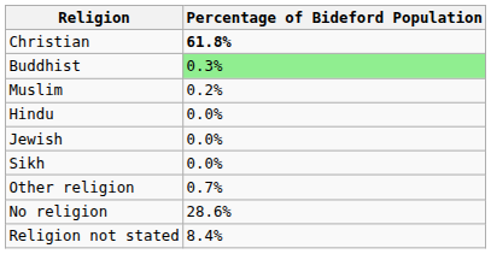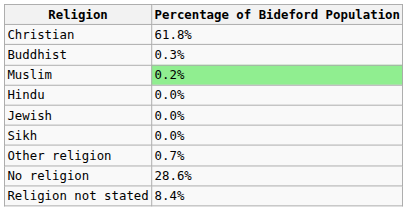 <table class="wikitable sortable collapsible">
 <tr>
 <th scope="col">Religion</th>
 <th scope="col">Percentage of Bideford Population</th>
 </tr>
 <tr>
 <td>Christian</td>
-<td><strong>61.8%</strong></td>
+<td>61.8%</td>
 </tr>
 <tr>
 <td>Buddhist</td>
-<td style="background: lightgreen;">0.3%</td>
+<td>0.3%</td>
 </tr>
 <tr>
 <td>Muslim</td>
-<td>0.2%</td>
+<td style="background: lightgreen;">0.2%</td>
 </tr>
 <tr>
 <td>Hindu</td>
 <td>0.0%</td>
 </tr>
 <tr>
 <td>Jewish</td>
 <td>0.0%</td>
 </tr>
 <tr>
 <td>Sikh</td>
 <td>0.0%</td>
 </tr>
 <tr>
 <td>Other religion</td>
 <td>0.7%</td>
 </tr>
 <tr>
 <td>No religion</td>
 <td>28.6%</td>
 </tr>
 <tr>
 <td>Religion not stated</td>
 <td>8.4%</td>
 </tr>
 </table>
